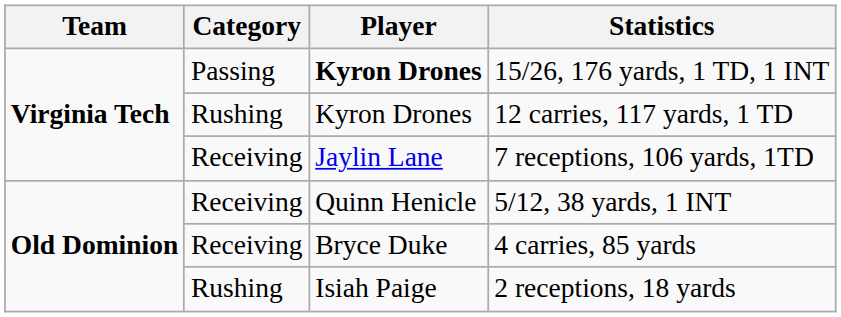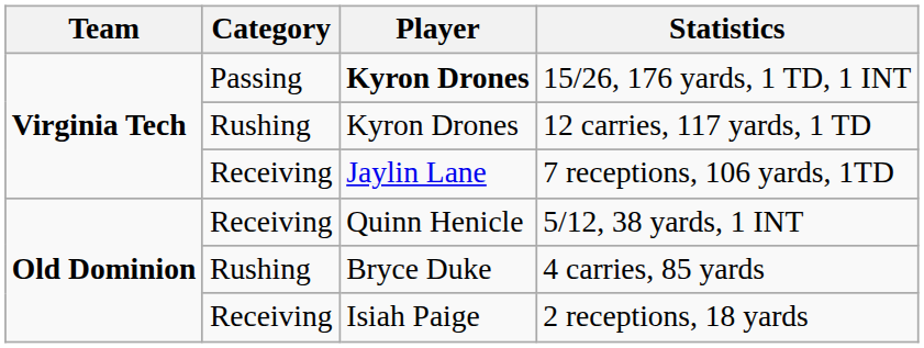 <table class="wikitable" style="float: right;">
 <tr>
 <th>Team</th>
 <th>Category</th>
 <th>Player</th>
 <th>Statistics</th>
 </tr>
 <tr>
 <td rowspan=3><strong>Virginia Tech</strong></td>
 <td>Passing</td>
 <td><strong>Kyron Drones</strong></td>
 <td>15/26, 176 yards, 1 TD, 1 INT</td>
 </tr>
 <tr>
 <td>Rushing</td>
 <td>Kyron Drones</td>
 <td>12 carries, 117 yards, 1 TD</td>
 </tr>
 <tr>
 <td>Receiving</td>
 <td><a href='#'>Jaylin Lane</a></td>
 <td>7 receptions, 106 yards, 1TD</td>
 </tr>
 <tr>
 <td rowspan=3><strong>Old Dominion</strong></td>
 <td>Receiving</td>
 <td>Quinn Henicle</td>
 <td>5/12, 38 yards, 1 INT</td>
 </tr>
 <tr>
-<td>Receiving</td>
+<td>Rushing</td>
 <td>Bryce Duke</td>
 <td>4 carries, 85 yards</td>
 </tr>
 <tr>
-<td>Rushing</td>
+<td>Receiving</td>
 <td>Isiah Paige</td>
 <td>2 receptions, 18 yards</td>
 </tr>
 </table>
